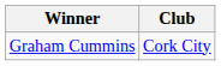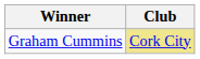 <table class="wikitable" style="text-align:center">
 <tr>
 <th>Winner</th>
 <th>Club</th>
 </tr>
 <tr>
 <td align="left"> <a href='#'>Graham Cummins</a></td>
-<td align="left"><a href='#'>Cork City</a></td>
+<td align="left" style="background: khaki;"><a href='#'>Cork City</a></td>
 </tr>
 </table>
